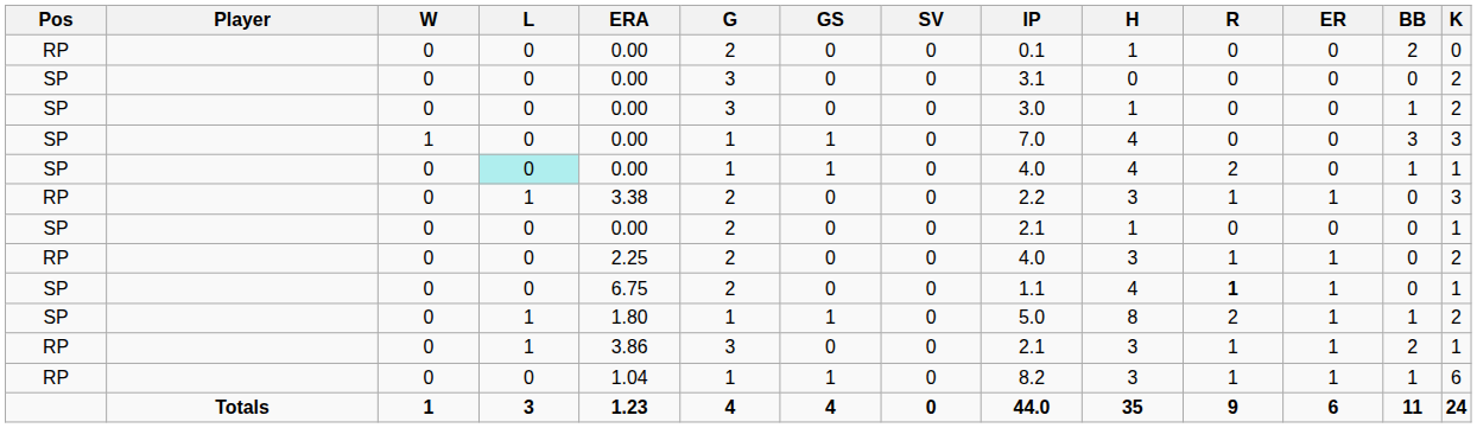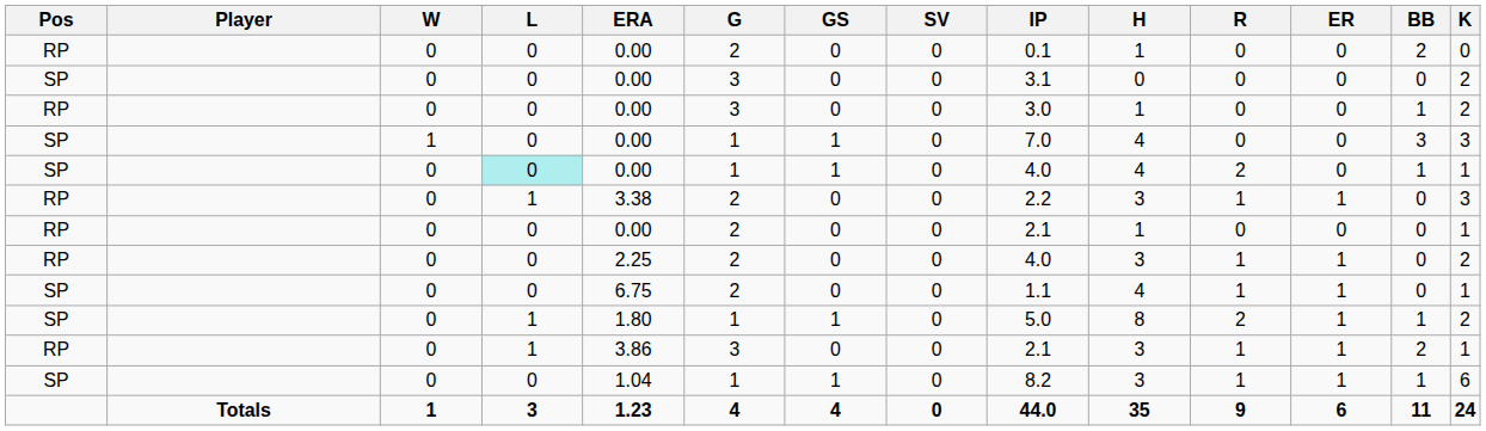 <table class="wikitable sortable">
 <tr>
 <th bgcolor="#DDDDFF" width="7%">Pos</th>
 <th bgcolor="#DDDDFF" width="19%">Player</th>
 <th bgcolor="#DDDDFF" width="7%">W</th>
 <th bgcolor="#DDDDFF" width="7%">L</th>
 <th bgcolor="#DDDDFF" width="7%">ERA</th>
 <th bgcolor="#DDDDFF" width="7%">G</th>
 <th bgcolor="#DDDDFF" width="7%">GS</th>
 <th bgcolor="#DDDDFF" width="7%">SV</th>
 <th bgcolor="#DDDDFF" width="7%">IP</th>
 <th bgcolor="#DDDDFF" width="7%">H</th>
 <th bgcolor="#DDDDFF" width="7%">R</th>
 <th bgcolor="#DDDDFF" width="7%">ER</th>
 <th bgcolor="#DDDDFF" width="7%">BB</th>
 <th bgcolor="#DDDDFF" width="7%">K</th>
 </tr>
 <tr align="center">
 <td>RP</td>
 <td></td>
 <td>0</td>
 <td>0</td>
 <td>0.00</td>
 <td>2</td>
 <td>0</td>
 <td>0</td>
 <td>0.1</td>
 <td>1</td>
 <td>0</td>
 <td>0</td>
 <td>2</td>
 <td>0</td>
 </tr>
 <tr align="center">
 <td>SP</td>
 <td></td>
 <td>0</td>
 <td>0</td>
 <td>0.00</td>
 <td>3</td>
 <td>0</td>
 <td>0</td>
 <td>3.1</td>
 <td>0</td>
 <td>0</td>
 <td>0</td>
 <td>0</td>
 <td>2</td>
 </tr>
 <tr align="center">
-<td>SP</td>
+<td>RP</td>
 <td></td>
 <td>0</td>
 <td>0</td>
 <td>0.00</td>
 <td>3</td>
 <td>0</td>
 <td>0</td>
 <td>3.0</td>
 <td>1</td>
 <td>0</td>
 <td>0</td>
 <td>1</td>
 <td>2</td>
 </tr>
 <tr align="center">
 <td>SP</td>
 <td></td>
 <td>1</td>
 <td>0</td>
 <td>0.00</td>
 <td>1</td>
 <td>1</td>
 <td>0</td>
 <td>7.0</td>
 <td>4</td>
 <td>0</td>
 <td>0</td>
 <td>3</td>
 <td>3</td>
 </tr>
 <tr align="center">
 <td>SP</td>
 <td></td>
 <td>0</td>
 <td style="background: paleturquoise;">0</td>
 <td>0.00</td>
 <td>1</td>
 <td>1</td>
 <td>0</td>
 <td>4.0</td>
 <td>4</td>
 <td>2</td>
 <td>0</td>
 <td>1</td>
 <td>1</td>
 </tr>
 <tr align="center">
 <td>RP</td>
 <td></td>
 <td>0</td>
 <td>1</td>
 <td>3.38</td>
 <td>2</td>
 <td>0</td>
 <td>0</td>
 <td>2.2</td>
 <td>3</td>
 <td>1</td>
 <td>1</td>
 <td>0</td>
 <td>3</td>
 </tr>
 <tr align="center">
-<td>SP</td>
+<td>RP</td>
 <td></td>
 <td>0</td>
 <td>0</td>
 <td>0.00</td>
 <td>2</td>
 <td>0</td>
 <td>0</td>
 <td>2.1</td>
 <td>1</td>
 <td>0</td>
 <td>0</td>
 <td>0</td>
 <td>1</td>
 </tr>
 <tr align="center">
 <td>RP</td>
 <td></td>
 <td>0</td>
 <td>0</td>
 <td>2.25</td>
 <td>2</td>
 <td>0</td>
 <td>0</td>
 <td>4.0</td>
 <td>3</td>
 <td>1</td>
 <td>1</td>
 <td>0</td>
 <td>2</td>
 </tr>
 <tr align="center">
 <td>SP</td>
 <td></td>
 <td>0</td>
 <td>0</td>
 <td>6.75</td>
 <td>2</td>
 <td>0</td>
 <td>0</td>
 <td>1.1</td>
 <td>4</td>
-<td><strong>1</strong></td>
+<td>1</td>
 <td>1</td>
 <td>0</td>
 <td>1</td>
 </tr>
 <tr align="center">
 <td>SP</td>
 <td></td>
 <td>0</td>
 <td>1</td>
 <td>1.80</td>
 <td>1</td>
 <td>1</td>
 <td>0</td>
 <td>5.0</td>
 <td>8</td>
 <td>2</td>
 <td>1</td>
 <td>1</td>
 <td>2</td>
 </tr>
 <tr align="center">
 <td>RP</td>
 <td></td>
 <td>0</td>
 <td>1</td>
 <td>3.86</td>
 <td>3</td>
 <td>0</td>
 <td>0</td>
 <td>2.1</td>
 <td>3</td>
 <td>1</td>
 <td>1</td>
 <td>2</td>
 <td>1</td>
 </tr>
 <tr align="center">
-<td>RP</td>
+<td>SP</td>
 <td></td>
 <td>0</td>
 <td>0</td>
 <td>1.04</td>
 <td>1</td>
 <td>1</td>
 <td>0</td>
 <td>8.2</td>
 <td>3</td>
 <td>1</td>
 <td>1</td>
 <td>1</td>
 <td>6</td>
 </tr>
 <tr align="center" class="unsortable">
 <td></td>
 <td><strong>Totals</strong></td>
 <td><strong>1</strong></td>
 <td><strong>3</strong></td>
 <td><strong>1.23</strong></td>
 <td><strong>4</strong></td>
 <td><strong>4</strong></td>
 <td><strong>0</strong></td>
 <td><strong>44.0</strong></td>
 <td><strong>35</strong></td>
 <td><strong>9</strong></td>
 <td><strong>6</strong></td>
 <td><strong>11</strong></td>
 <td><strong>24</strong></td>
 </tr>
 </table>
